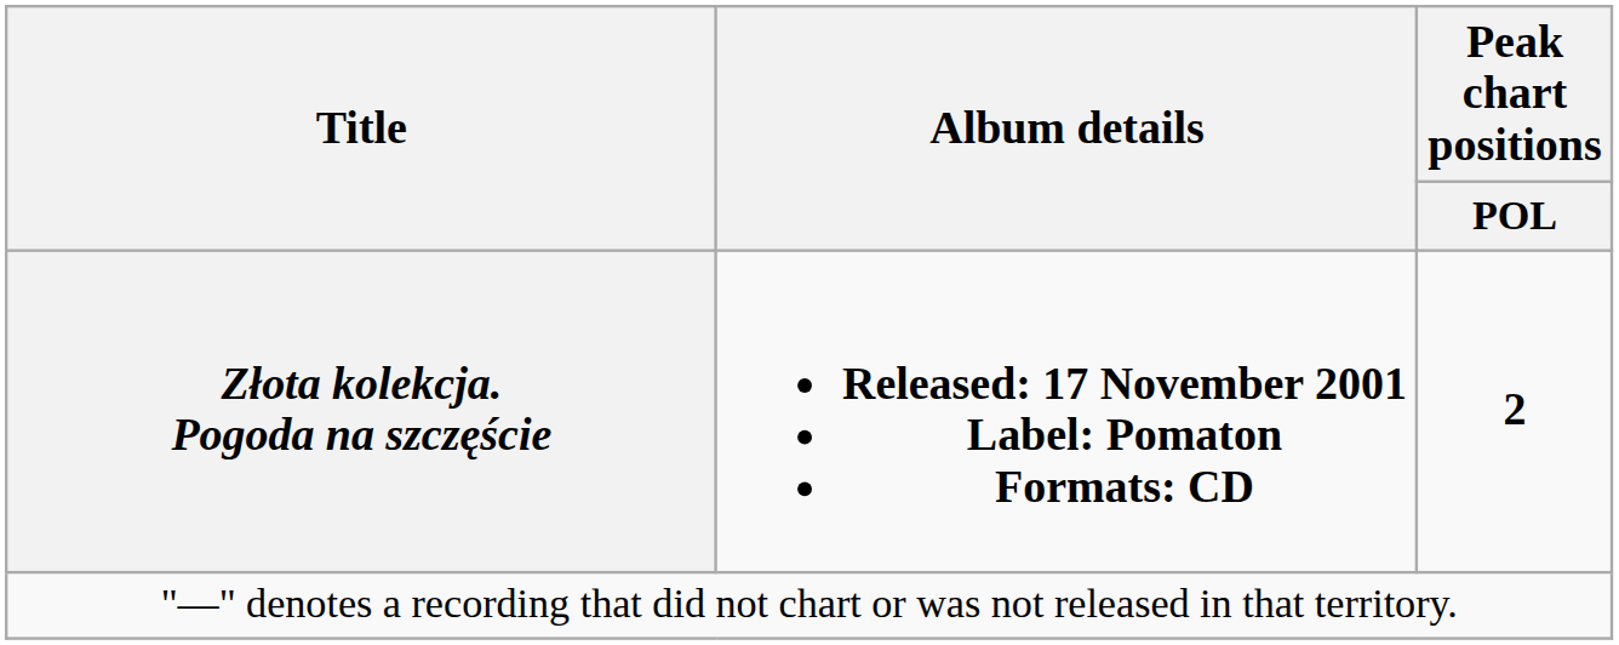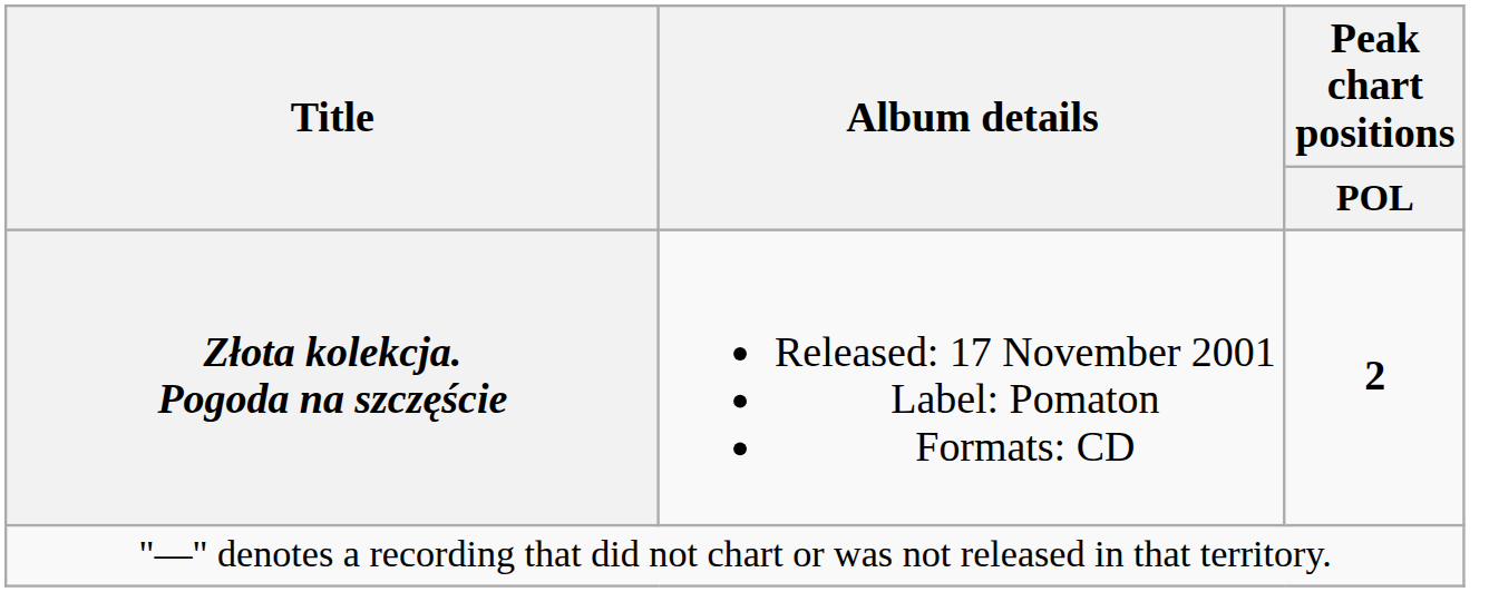 <table class="wikitable plainrowheaders" style="text-align:center;">
 <tr>
 <th scope="col" rowspan="2" style="width:15em;">Title</th>
 <th scope="col" rowspan="2">Album details</th>
 <th scope="col">Peak chart positions</th>
 </tr>
 <tr>
 <th scope="col" style="width:3em;font-size:90%;">POL<br></th>
 </tr>
 <tr>
 <th scope="row"><em>Złota kolekcja.<br>Pogoda na szczęście</em></th>
-<td><strong><br><ul><li>Released: 17 November 2001</li><li>Label: Pomaton</li><li>Formats: CD</li></ul></strong></td>
+<td><br><ul><li>Released: 17 November 2001</li><li>Label: Pomaton</li><li>Formats: CD</li></ul></td>
 <td><strong>2</strong></td>
 </tr>
 <tr>
 <td colspan="20" style="font-size:90%">"—" denotes a recording that did not chart or was not released in that territory.</td>
 </tr>
 </table>
